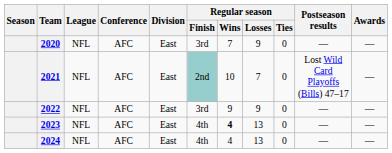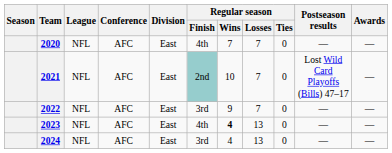 <table class="wikitable" style="font-size:95%; text-align:center;">
 <tr>
 <th rowspan="2">Season</th>
 <th rowspan="2">Team</th>
 <th rowspan="2">League</th>
 <th rowspan="2">Conference</th>
 <th rowspan="2">Division</th>
 <th colspan="4">Regular season</th>
 <th rowspan="2">Postseason results</th>
 <th rowspan="2">Awards</th>
 </tr>
 <tr>
 <th>Finish</th>
 <th>Wins</th>
 <th>Losses</th>
 <th>Ties</th>
 </tr>
 <tr>
 <th></th>
 <th><a href='#'>2020</a></th>
 <td>NFL</td>
 <td>AFC</td>
 <td>East</td>
-<td>3rd</td>
+<td>4th</td>
 <td>7</td>
-<td>9</td>
+<td>7</td>
 <td>0</td>
 <td>—</td>
 <td>—</td>
 </tr>
 <tr>
 <th></th>
 <th><a href='#'>2021</a></th>
 <td>NFL</td>
 <td>AFC</td>
 <td>East</td>
 <td style="background:#96cdcd;">2nd</td>
 <td>10</td>
 <td>7</td>
 <td>0</td>
 <td>Lost <a href='#'>Wild Card Playoffs</a> (<a href='#'>Bills</a>) 47–17</td>
 <td>—</td>
 </tr>
 <tr>
 <th></th>
 <th><a href='#'>2022</a></th>
 <td>NFL</td>
 <td>AFC</td>
 <td>East</td>
 <td>3rd</td>
 <td>9</td>
-<td>9</td>
+<td>7</td>
 <td>0</td>
 <td>—</td>
 <td>—</td>
 </tr>
 <tr>
 <th></th>
 <th><a href='#'>2023</a></th>
 <td>NFL</td>
 <td>AFC</td>
 <td>East</td>
 <td>4th</td>
 <td><strong>4</strong></td>
 <td>13</td>
 <td>0</td>
 <td>—</td>
 <td>—</td>
 </tr>
 <tr>
 <th></th>
 <th><a href='#'>2024</a></th>
 <td>NFL</td>
 <td>AFC</td>
 <td>East</td>
-<td>4th</td>
+<td>3rd</td>
 <td>4</td>
 <td>13</td>
 <td>0</td>
 <td>—</td>
 <td>—</td>
 </tr>
 </table>
